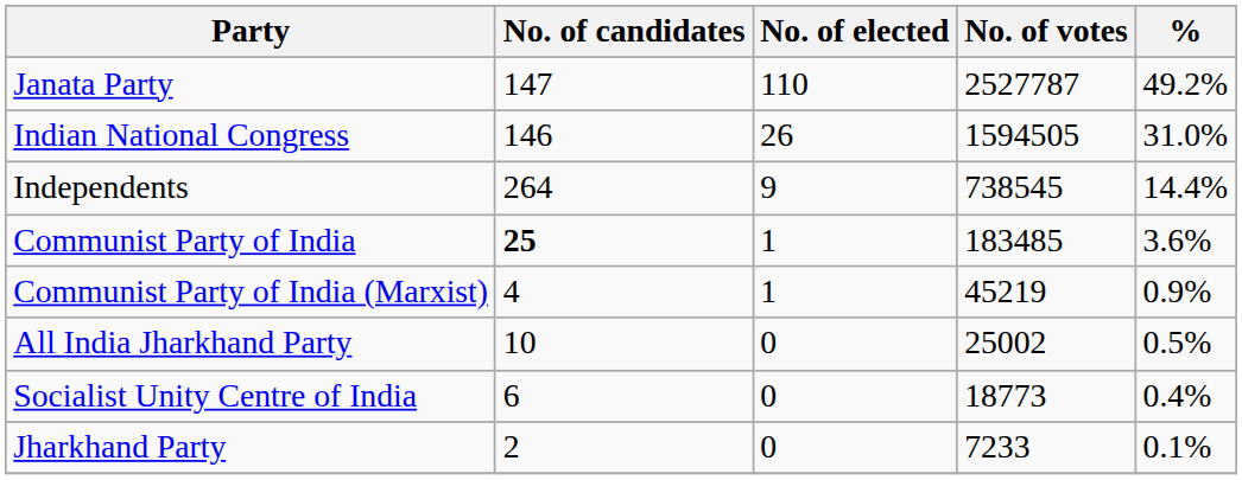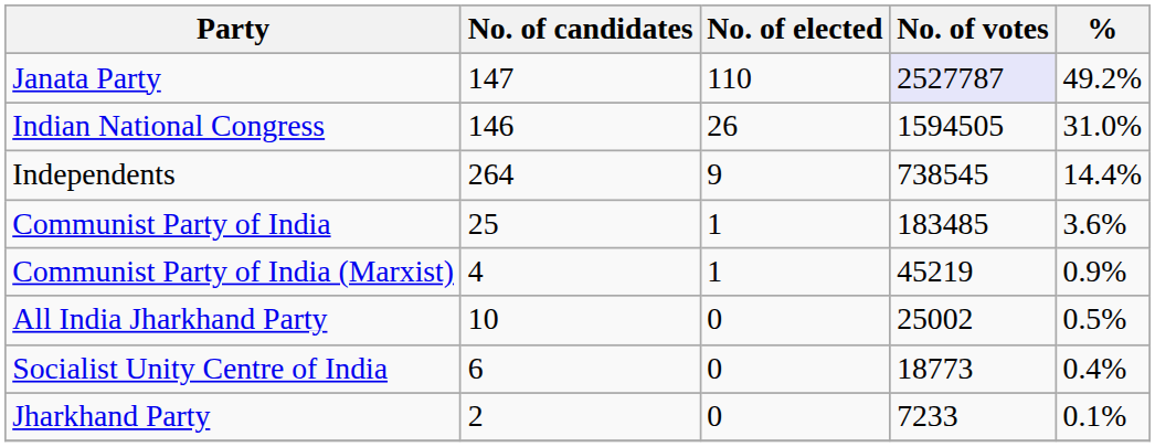 <table class="wikitable sortable">
 <tr>
 <th>Party</th>
 <th>No. of candidates</th>
 <th>No. of elected</th>
 <th>No. of votes</th>
 <th>%</th>
 </tr>
 <tr>
 <td><a href='#'>Janata Party</a></td>
 <td>147</td>
 <td>110</td>
-<td>2527787</td>
+<td style="background: lavender;">2527787</td>
 <td>49.2%</td>
 </tr>
 <tr>
 <td><a href='#'>Indian National Congress</a></td>
 <td>146</td>
 <td>26</td>
 <td>1594505</td>
 <td>31.0%</td>
 </tr>
 <tr>
 <td>Independents</td>
 <td>264</td>
 <td>9</td>
 <td>738545</td>
 <td>14.4%</td>
 </tr>
 <tr>
 <td><a href='#'>Communist Party of India</a></td>
-<td><strong>25</strong></td>
+<td>25</td>
 <td>1</td>
 <td>183485</td>
 <td>3.6%</td>
 </tr>
 <tr>
 <td><a href='#'>Communist Party of India (Marxist)</a></td>
 <td>4</td>
 <td>1</td>
 <td>45219</td>
 <td>0.9%</td>
 </tr>
 <tr>
 <td><a href='#'>All India Jharkhand Party</a></td>
 <td>10</td>
 <td>0</td>
 <td>25002</td>
 <td>0.5%</td>
 </tr>
 <tr>
 <td><a href='#'>Socialist Unity Centre of India</a></td>
 <td>6</td>
 <td>0</td>
 <td>18773</td>
 <td>0.4%</td>
 </tr>
 <tr>
 <td><a href='#'>Jharkhand Party</a></td>
 <td>2</td>
 <td>0</td>
 <td>7233</td>
 <td>0.1%</td>
 </tr>
 <tr>
 </tr>
 </table>
